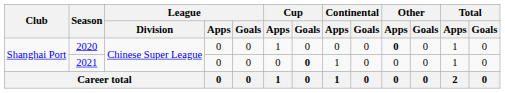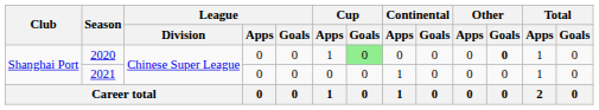 <table class="wikitable" style="text-align: center">
 <tr>
 <th rowspan="2">Club</th>
 <th rowspan="2">Season</th>
 <th colspan="3">League</th>
 <th colspan="2">Cup</th>
 <th colspan="2">Continental</th>
 <th colspan="2">Other</th>
 <th colspan="2">Total</th>
 </tr>
 <tr>
 <th>Division</th>
 <th>Apps</th>
 <th>Goals</th>
 <th>Apps</th>
 <th>Goals</th>
 <th>Apps</th>
 <th>Goals</th>
 <th>Apps</th>
 <th>Goals</th>
 <th>Apps</th>
 <th>Goals</th>
 </tr>
 <tr>
 <td rowspan="2"><a href='#'>Shanghai Port</a></td>
 <td><a href='#'>2020</a></td>
 <td rowspan="2"><a href='#'>Chinese Super League</a></td>
 <td>0</td>
 <td>0</td>
 <td>1</td>
+<td style="background: lightgreen;">0</td>
 <td>0</td>
 <td>0</td>
 <td>0</td>
 <td><strong>0</strong></td>
-<td>0</td>
 <td>1</td>
 <td>0</td>
 </tr>
 <tr>
 <td><a href='#'>2021</a></td>
 <td>0</td>
 <td>0</td>
 <td>0</td>
-<td><strong>0</strong></td>
+<td>0</td>
 <td>1</td>
 <td>0</td>
 <td>0</td>
 <td>0</td>
 <td>1</td>
 <td>0</td>
 </tr>
 <tr>
 <th colspan=3>Career total</th>
 <th>0</th>
 <th>0</th>
 <th>1</th>
 <th>0</th>
 <th>1</th>
 <th>0</th>
 <th>0</th>
 <th>0</th>
 <th>2</th>
 <th>0</th>
 </tr>
 </table>
